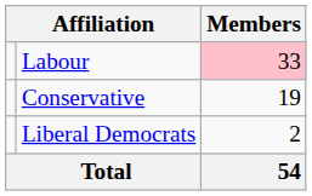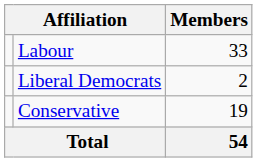 <table class="wikitable">
 <tr>
 <th colspan="2">Affiliation</th>
 <th>Members</th>
 </tr>
 <tr>
 <td style="color:inherit;background:"></td>
 <td><a href='#'>Labour</a></td>
-<td style="background: pink; text-align:right;">33</td>
+<td style="text-align:right;">33</td>
+</tr>
+<tr>
+<td style="color:inherit;background:"></td>
+<td><a href='#'>Liberal Democrats</a></td>
+<td style="text-align:right;">2</td>
 </tr>
 <tr>
 <td style="color:inherit;background:"></td>
 <td><a href='#'>Conservative</a></td>
 <td style="text-align:right;">19</td>
 </tr>
 <tr>
-<td style="color:inherit;background:"></td>
-<td><a href='#'>Liberal Democrats</a></td>
-<td style="text-align:right;">2</td>
-</tr>
-<tr>
 <th colspan="2"> Total</th>
 <th style="text-align:right;">54</th>
 </tr>
 </table>
